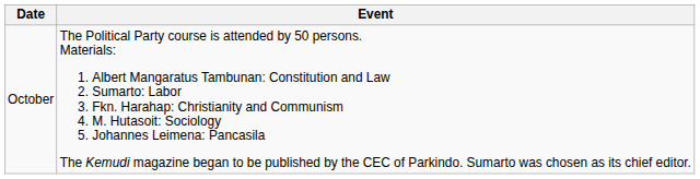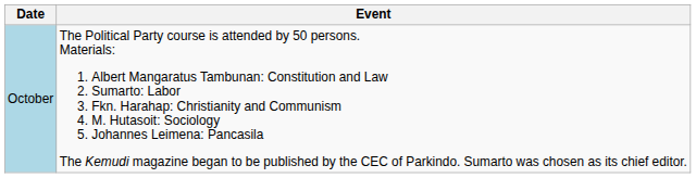 <table class="wikitable">
 <tr>
 <th>Date</th>
 <th>Event</th>
 </tr>
 <tr>
-<td>October</td>
+<td style="background: lightblue;">October</td>
 <td>The Political Party course is attended by 50 persons.<br>Materials:<ol><li>Albert Mangaratus Tambunan: Constitution and Law</li><li>Sumarto: Labor</li><li>Fkn. Harahap: Christianity and Communism</li><li>M. Hutasoit: Sociology</li><li>Johannes Leimena: Pancasila</li></ol>The <em>Kemudi</em> magazine began to be published by the CEC of Parkindo. Sumarto was chosen as its chief editor.</td>
 </tr>
 </table>
